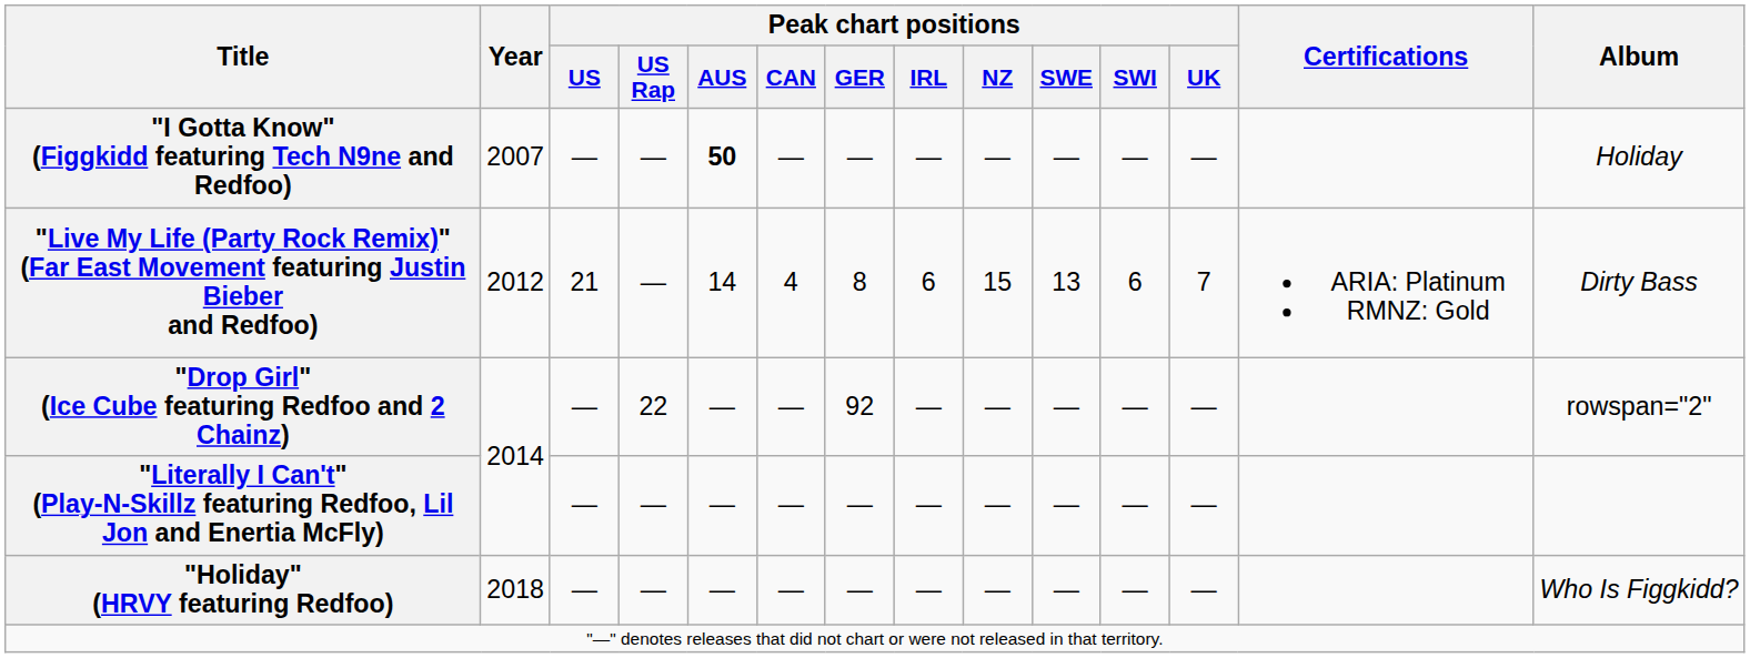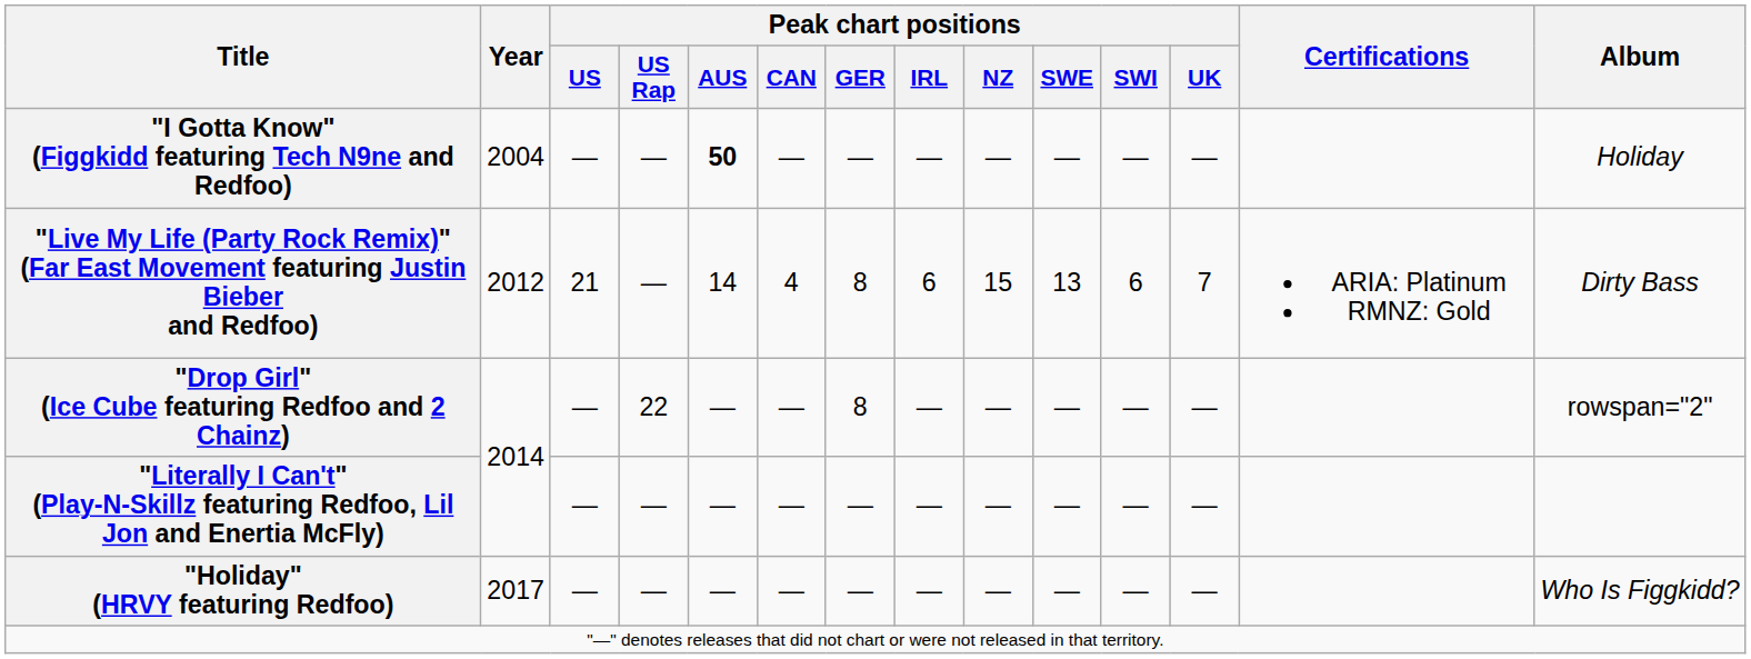 <table class="wikitable plainrowheaders" style="text-align:center;" border="1">
 <tr>
 <th scope="col" rowspan="2" style="width:18em;">Title</th>
 <th scope="col" rowspan="2">Year</th>
 <th scope="col" colspan="10">Peak chart positions</th>
 <th scope="col" rowspan="2" style="width:11em;"><a href='#'>Certifications</a></th>
 <th scope="col" rowspan="2">Album</th>
 </tr>
 <tr>
 <th scope="col" style="width:2.5em;font-size:90%;"><a href='#'>US</a><br></th>
 <th scope="col" style="width:2.5em;font-size:90%;"><a href='#'>US<br>Rap</a><br></th>
 <th scope="col" style="width:2.5em;font-size:90%;"><a href='#'>AUS</a><br></th>
 <th scope="col" style="width:2.5em;font-size:90%;"><a href='#'>CAN</a><br></th>
 <th scope="col" style="width:2.5em;font-size:90%;"><a href='#'>GER</a><br></th>
 <th scope="col" style="width:2.5em;font-size:90%;"><a href='#'>IRL</a><br></th>
 <th scope="col" style="width:2.5em;font-size:90%;"><a href='#'>NZ</a><br></th>
 <th scope="col" style="width:2.5em;font-size:90%;"><a href='#'>SWE</a><br></th>
 <th scope="col" style="width:2.5em;font-size:90%;"><a href='#'>SWI</a><br></th>
 <th scope="col" style="width:2.5em;font-size:90%;"><a href='#'>UK</a><br></th>
 </tr>
 <tr>
 <th scope="row">"I Gotta Know"<br><span>(<a href='#'>Figgkidd</a> featuring <a href='#'>Tech N9ne</a> and Redfoo)</span></th>
-<td>2007</td>
+<td>2004</td>
 <td>—</td>
 <td>—</td>
 <td><strong>50</strong></td>
 <td>—</td>
 <td>—</td>
 <td>—</td>
 <td>—</td>
 <td>—</td>
 <td>—</td>
 <td>—</td>
 <td></td>
 <td><em>Holiday</em></td>
 </tr>
 <tr>
 <th scope="row">"<a href='#'>Live My Life (Party Rock Remix)</a>"<br><span>(<a href='#'>Far East Movement</a> featuring <a href='#'>Justin Bieber</a><br>and Redfoo)</span></th>
 <td>2012</td>
 <td>21</td>
 <td>—</td>
 <td>14</td>
 <td>4</td>
 <td>8</td>
 <td>6</td>
 <td>15</td>
 <td>13</td>
 <td>6</td>
 <td>7</td>
 <td><br><ul><li>ARIA: Platinum</li><li>RMNZ: Gold</li></ul></td>
 <td><em>Dirty Bass</em></td>
 </tr>
 <tr>
 <th scope="row">"<a href='#'>Drop Girl</a>"<br><span>(<a href='#'>Ice Cube</a> featuring Redfoo and <a href='#'>2 Chainz</a>)</span></th>
 <td rowspan="2">2014</td>
 <td>—</td>
 <td>22</td>
 <td>—</td>
 <td>—</td>
-<td>92</td>
+<td>8</td>
 <td>—</td>
 <td>—</td>
 <td>—</td>
 <td>—</td>
 <td>—</td>
 <td></td>
 <td>rowspan="2" </td>
 </tr>
 <tr>
 <th scope="row">"<a href='#'>Literally I Can't</a>"<br><span>(<a href='#'>Play-N-Skillz</a> featuring Redfoo, <a href='#'>Lil Jon</a> and Enertia McFly)</span></th>
 <td>—</td>
 <td>—</td>
 <td>—</td>
 <td>—</td>
 <td>—</td>
 <td>—</td>
 <td>—</td>
 <td>—</td>
 <td>—</td>
 <td>—</td>
 <td></td>
 </tr>
 <tr>
 <th scope="row">"Holiday"<br><span>(<a href='#'>HRVY</a> featuring Redfoo)</span></th>
-<td>2018</td>
+<td>2017</td>
 <td>—</td>
 <td>—</td>
 <td>—</td>
 <td>—</td>
 <td>—</td>
 <td>—</td>
 <td>—</td>
 <td>—</td>
 <td>—</td>
 <td>—</td>
 <td></td>
 <td><em>Who Is Figgkidd?</em></td>
 </tr>
 <tr>
 <td colspan="15" style="font-size:8pt">"—" denotes releases that did not chart or were not released in that territory.</td>
 </tr>
 </table>
